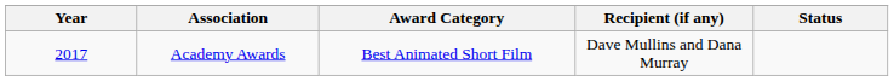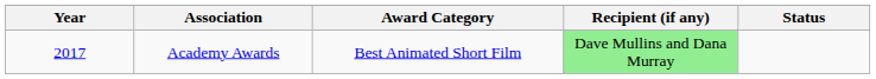 <table class="wikitable sortable" style="text-align: center">
 <tr>
 </tr>
 <tr>
 <th width="150"><strong>Year</strong></th>
 <th width="200"><strong>Association</strong></th>
 <th width="300"><strong>Award Category</strong></th>
 <th width="200"><strong>Recipient (if any)</strong></th>
 <th width="150"><strong>Status</strong></th>
 </tr>
 <tr>
 <td rowspan=2><a href='#'>2017</a></td>
 <td><a href='#'>Academy Awards</a></td>
 <td><a href='#'>Best Animated Short Film</a></td>
-<td>Dave Mullins and Dana Murray</td>
+<td style="background: lightgreen;">Dave Mullins and Dana Murray</td>
 <td></td>
 </tr>
 </table>
